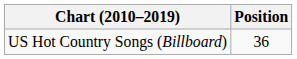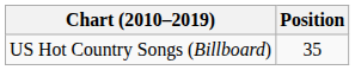 <table class="wikitable">
 <tr>
 <th>Chart (2010–2019)</th>
 <th>Position</th>
 </tr>
 <tr>
 <td>US Hot Country Songs (<em>Billboard</em>)</td>
-<td style="text-align:center;">36</td>
+<td style="text-align:center;">35</td>
 </tr>
 </table>
